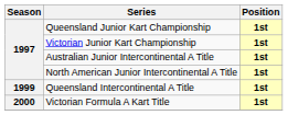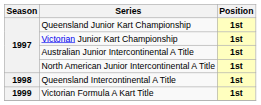 <table class="wikitable" style="font-size: 85%;">
 <tr>
 <th>Season</th>
 <th>Series</th>
 <th>Position</th>
 </tr>
 <tr>
 <th rowspan=4>1997</th>
 <td>Queensland Junior Kart Championship</td>
 <td align="center" style=background:#ffffbf><strong>1st</strong></td>
 </tr>
 <tr>
 <td><a href='#'>Victorian</a> Junior Kart Championship</td>
 <td align="center" style=background:#ffffbf><strong>1st</strong></td>
 </tr>
 <tr>
 <td>Australian Junior Intercontinental A Title</td>
 <td align="center" style=background:#ffffbf><strong>1st</strong></td>
 </tr>
 <tr>
 <td>North American Junior Intercontinental A Title</td>
 <td align="center" style=background:#ffffbf><strong>1st</strong></td>
 </tr>
 <tr>
-<th>1999</th>
+<th>1998</th>
 <td>Queensland Intercontinental A Title</td>
 <td align="center" style=background:#ffffbf><strong>1st</strong></td>
 </tr>
 <tr>
-<th>2000</th>
+<th>1999</th>
 <td>Victorian Formula A Kart Title</td>
 <td align="center" style=background:#ffffbf><strong>1st</strong></td>
 </tr>
 <tr>
 </tr>
 </table>
